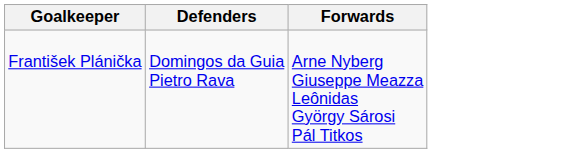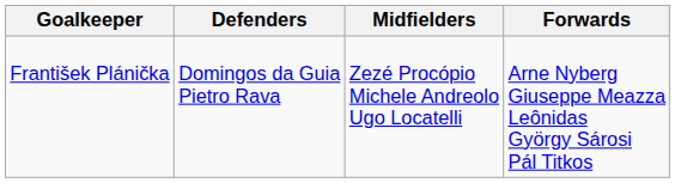 <table class="wikitable">
 <tr>
 <th>Goalkeeper</th>
 <th>Defenders</th>
+<th>Midfielders</th>
 <th>Forwards</th>
 </tr>
 <tr>
 <td valign=top><br> <a href='#'>František Plánička</a> <br></td>
 <td valign=top><br> <a href='#'>Domingos da Guia</a> <br>  <a href='#'>Pietro Rava</a> <br></td>
+<td valign=top><br> <a href='#'>Zezé Procópio</a> <br>  <a href='#'>Michele Andreolo</a> <br>  <a href='#'>Ugo Locatelli</a> <br></td>
 <td valign=top><br> <a href='#'>Arne Nyberg</a> <br>  <a href='#'>Giuseppe Meazza</a> <br>  <a href='#'>Leônidas</a> <br>  <a href='#'>György Sárosi</a> <br>  <a href='#'>Pál Titkos</a></td>
 </tr>
 </table>
